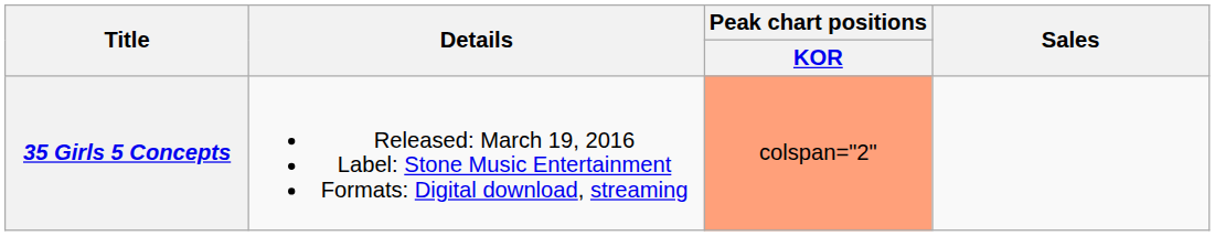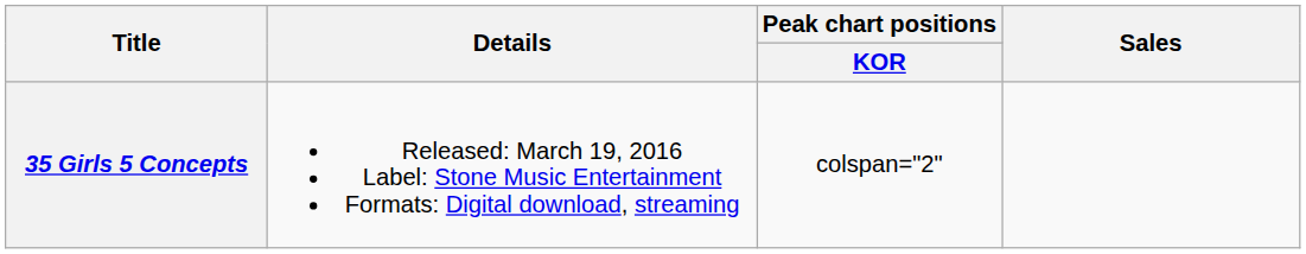 <table class="wikitable plainrowheaders" style="text-align:center">
 <tr>
 <th scope="col" style="width:10.5em" rowspan="2">Title</th>
 <th scope="col" style="width:20em" rowspan="2">Details</th>
 <th scope="col">Peak chart positions</th>
 <th scope="col" style="width:12em" rowspan="2">Sales</th>
 </tr>
 <tr>
 <th><a href='#'>KOR</a></th>
 </tr>
 <tr>
 <th scope="row"><em><a href='#'>35 Girls 5 Concepts</a></em></th>
 <td><br><ul><li>Released: March 19, 2016</li><li>Label: <a href='#'>Stone Music Entertainment</a></li><li>Formats: <a href='#'>Digital download</a>, <a href='#'>streaming</a></li></ul></td>
-<td style="background: lightsalmon;">colspan="2" </td>
+<td>colspan="2" </td>
 </tr>
 </table>
